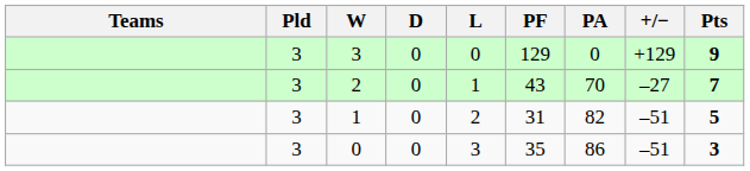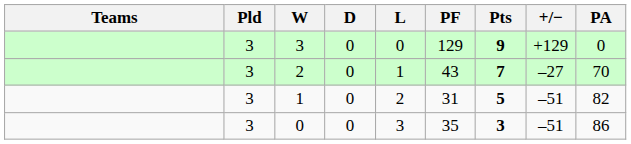 <table class="wikitable" style="text-align: center;">
 <tr>
 <th width="200">Teams</th>
 <th width="40">Pld</th>
 <th width="40">W</th>
 <th width="40">D</th>
 <th width="40">L</th>
 <th width="40">PF</th>
+<th width="40">Pts</th>
+<th width="40">+/−</th>
 <th width="40">PA</th>
-<th width="40">+/−</th>
-<th width="40">Pts</th>
 </tr>
 <tr style="background:#cfc; width:20px;">
 <td align=left></td>
 <td>3</td>
 <td>3</td>
 <td>0</td>
 <td>0</td>
 <td>129</td>
+<td><strong>9</strong></td>
+<td>+129</td>
 <td>0</td>
-<td>+129</td>
-<td><strong>9</strong></td>
 </tr>
 <tr style="background:#cfc; width:20px;">
 <td align=left></td>
 <td>3</td>
 <td>2</td>
 <td>0</td>
 <td>1</td>
 <td>43</td>
+<td><strong>7</strong></td>
+<td>–27</td>
 <td>70</td>
-<td>–27</td>
-<td><strong>7</strong></td>
 </tr>
 <tr>
 <td align=left></td>
 <td>3</td>
 <td>1</td>
 <td>0</td>
 <td>2</td>
 <td>31</td>
+<td><strong>5</strong></td>
+<td>–51</td>
 <td>82</td>
-<td>–51</td>
-<td><strong>5</strong></td>
 </tr>
 <tr>
 <td align=left></td>
 <td>3</td>
 <td>0</td>
 <td>0</td>
 <td>3</td>
 <td>35</td>
+<td><strong>3</strong></td>
+<td>–51</td>
 <td>86</td>
-<td>–51</td>
-<td><strong>3</strong></td>
 </tr>
 </table>
